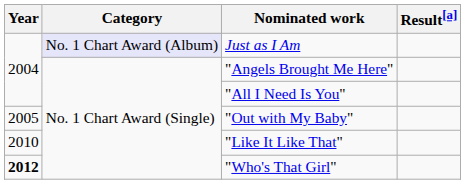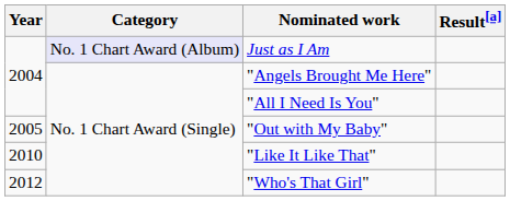 <table class="wikitable">
 <tr>
 <th>Year</th>
 <th>Category</th>
 <th>Nominated work</th>
 <th>Result<sup><a href='#'><strong>[a]</strong></a></sup></th>
 </tr>
 <tr>
 <td rowspan="3">2004</td>
 <td style="background: lavender;">No. 1 Chart Award (Album)</td>
 <td><em><a href='#'>Just as I Am</a></em></td>
 <td></td>
 </tr>
 <tr>
 <td rowspan="5">No. 1 Chart Award (Single)</td>
 <td>"<a href='#'>Angels Brought Me Here</a>"</td>
 <td></td>
 </tr>
 <tr>
 <td>"<a href='#'>All I Need Is You</a>"</td>
 <td></td>
 </tr>
 <tr>
 <td>2005</td>
 <td>"<a href='#'>Out with My Baby</a>"</td>
 <td></td>
 </tr>
 <tr>
 <td>2010</td>
 <td>"<a href='#'>Like It Like That</a>"</td>
 <td></td>
 </tr>
 <tr>
-<td><strong>2012</strong></td>
+<td>2012</td>
 <td>"<a href='#'>Who's That Girl</a>"</td>
 <td></td>
 </tr>
 </table>
